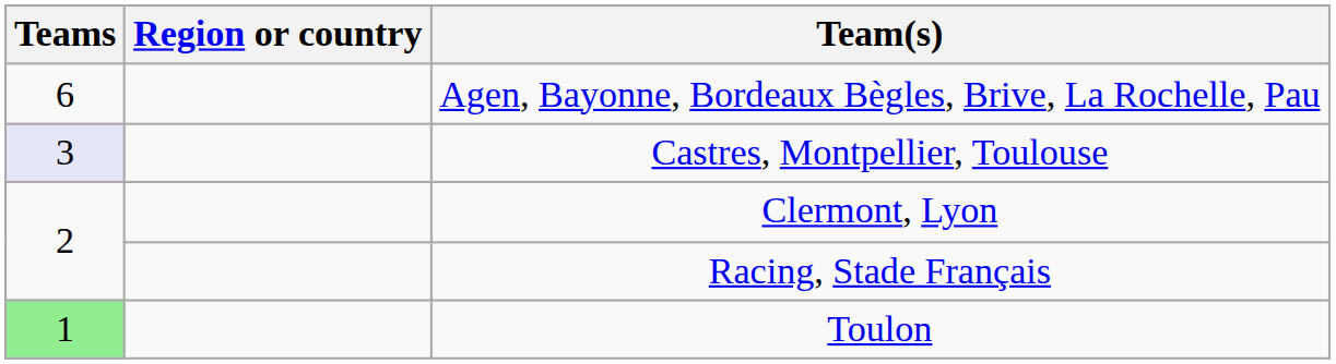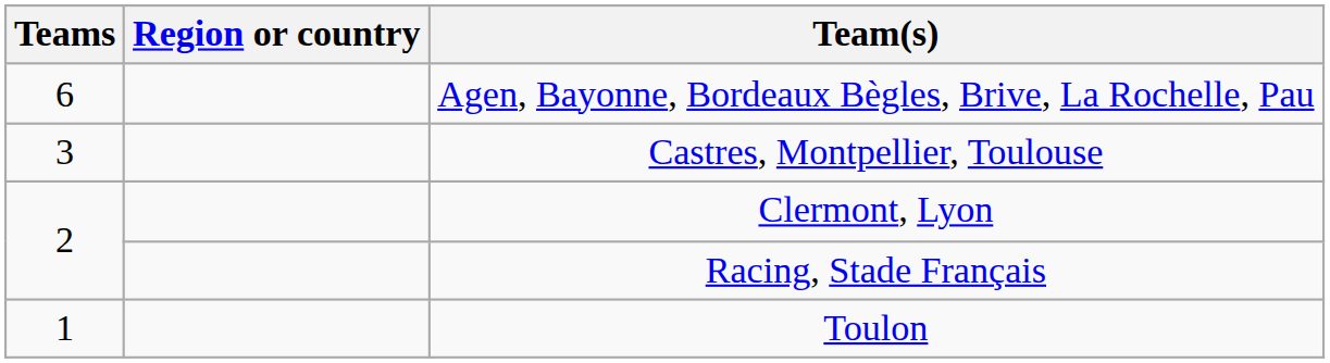 <table class="wikitable" style="text-align:center">
 <tr>
 <th>Teams</th>
 <th><a href='#'>Region</a> or country</th>
 <th>Team(s)</th>
 </tr>
 <tr>
 <td>6</td>
 <td align="left"></td>
 <td><a href='#'>Agen</a>, <a href='#'>Bayonne</a>, <a href='#'>Bordeaux Bègles</a>, <a href='#'>Brive</a>, <a href='#'>La Rochelle</a>, <a href='#'>Pau</a></td>
 </tr>
 <tr>
-<td style="background: lavender;">3</td>
+<td>3</td>
 <td align="left"></td>
 <td><a href='#'>Castres</a>, <a href='#'>Montpellier</a>, <a href='#'>Toulouse</a></td>
 </tr>
 <tr>
 <td rowspan="2">2</td>
 <td align="left"></td>
 <td><a href='#'>Clermont</a>, <a href='#'>Lyon</a></td>
 </tr>
 <tr>
 <td align="left"></td>
 <td><a href='#'>Racing</a>, <a href='#'>Stade Français</a></td>
 </tr>
 <tr>
-<td style="background: lightgreen;">1</td>
+<td>1</td>
 <td align="left"></td>
 <td><a href='#'>Toulon</a></td>
 </tr>
 </table>
